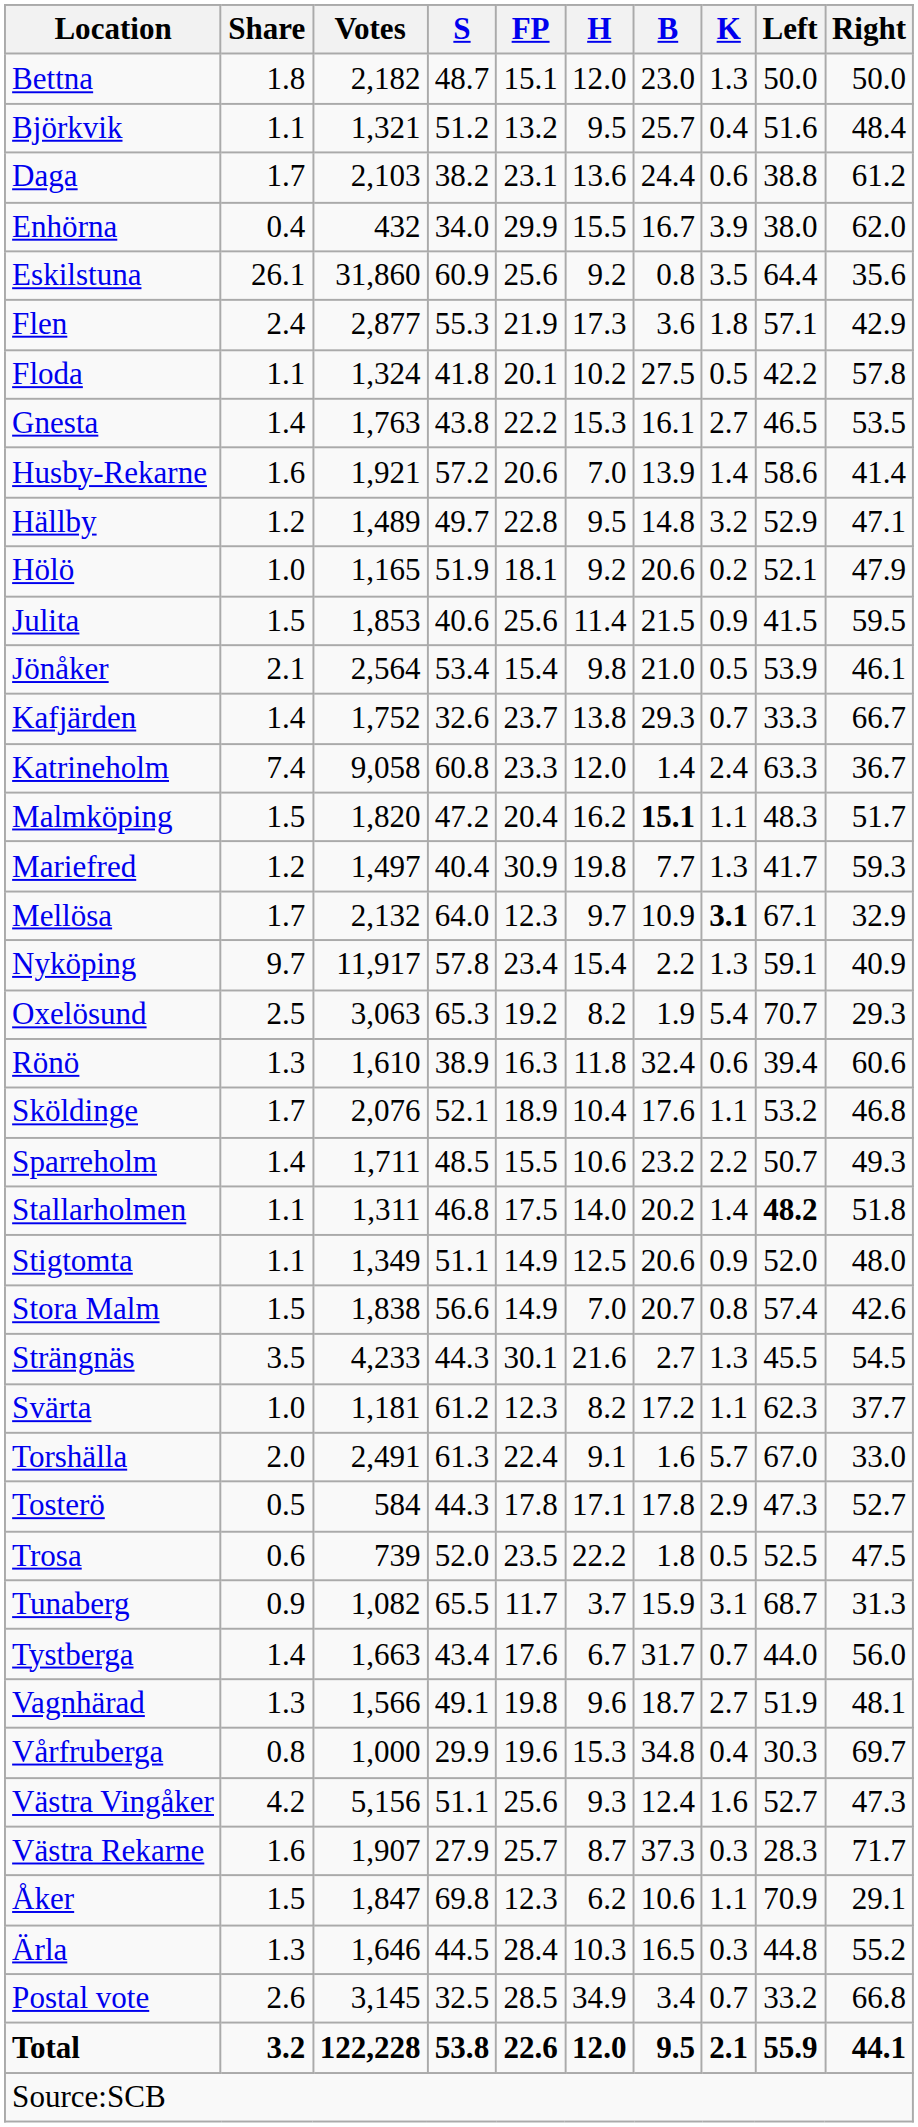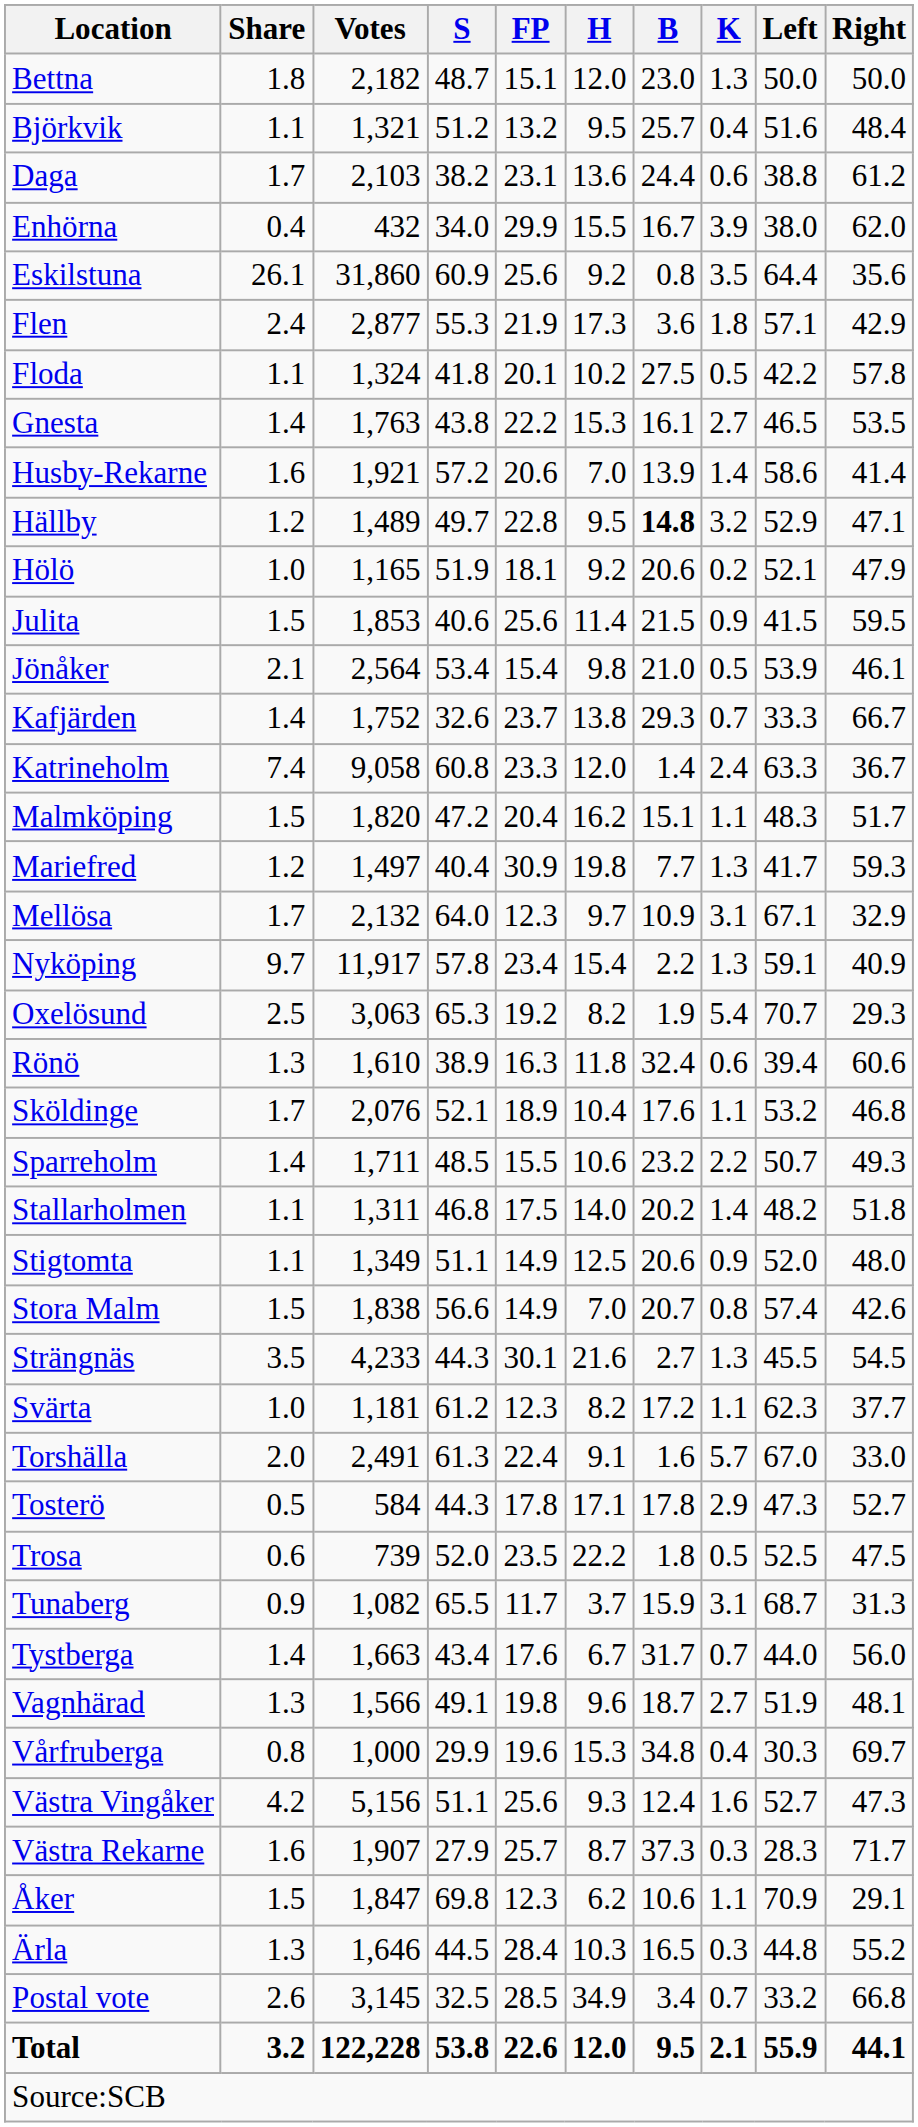 <table class="wikitable sortable" style=text-align:right>
 <tr>
 <th>Location</th>
 <th>Share</th>
 <th>Votes</th>
 <th><a href='#'>S</a></th>
 <th><a href='#'>FP</a></th>
 <th><a href='#'>H</a></th>
 <th><a href='#'>B</a></th>
 <th><a href='#'>K</a></th>
 <th>Left</th>
 <th>Right</th>
 </tr>
 <tr>
 <td align=left><a href='#'>Bettna</a></td>
 <td>1.8</td>
 <td>2,182</td>
 <td>48.7</td>
 <td>15.1</td>
 <td>12.0</td>
 <td>23.0</td>
 <td>1.3</td>
 <td>50.0</td>
 <td>50.0</td>
 </tr>
 <tr>
 <td align=left><a href='#'>Björkvik</a></td>
 <td>1.1</td>
 <td>1,321</td>
 <td>51.2</td>
 <td>13.2</td>
 <td>9.5</td>
 <td>25.7</td>
 <td>0.4</td>
 <td>51.6</td>
 <td>48.4</td>
 </tr>
 <tr>
 <td align=left><a href='#'>Daga</a></td>
 <td>1.7</td>
 <td>2,103</td>
 <td>38.2</td>
 <td>23.1</td>
 <td>13.6</td>
 <td>24.4</td>
 <td>0.6</td>
 <td>38.8</td>
 <td>61.2</td>
 </tr>
 <tr>
 <td align=left><a href='#'>Enhörna</a></td>
 <td>0.4</td>
 <td>432</td>
 <td>34.0</td>
 <td>29.9</td>
 <td>15.5</td>
 <td>16.7</td>
 <td>3.9</td>
 <td>38.0</td>
 <td>62.0</td>
 </tr>
 <tr>
 <td align=left><a href='#'>Eskilstuna</a></td>
 <td>26.1</td>
 <td>31,860</td>
 <td>60.9</td>
 <td>25.6</td>
 <td>9.2</td>
 <td>0.8</td>
 <td>3.5</td>
 <td>64.4</td>
 <td>35.6</td>
 </tr>
 <tr>
 <td align=left><a href='#'>Flen</a></td>
 <td>2.4</td>
 <td>2,877</td>
 <td>55.3</td>
 <td>21.9</td>
 <td>17.3</td>
 <td>3.6</td>
 <td>1.8</td>
 <td>57.1</td>
 <td>42.9</td>
 </tr>
 <tr>
 <td align=left><a href='#'>Floda</a></td>
 <td>1.1</td>
 <td>1,324</td>
 <td>41.8</td>
 <td>20.1</td>
 <td>10.2</td>
 <td>27.5</td>
 <td>0.5</td>
 <td>42.2</td>
 <td>57.8</td>
 </tr>
 <tr>
 <td align=left><a href='#'>Gnesta</a></td>
 <td>1.4</td>
 <td>1,763</td>
 <td>43.8</td>
 <td>22.2</td>
 <td>15.3</td>
 <td>16.1</td>
 <td>2.7</td>
 <td>46.5</td>
 <td>53.5</td>
 </tr>
 <tr>
 <td align=left><a href='#'>Husby-Rekarne</a></td>
 <td>1.6</td>
 <td>1,921</td>
 <td>57.2</td>
 <td>20.6</td>
 <td>7.0</td>
 <td>13.9</td>
 <td>1.4</td>
 <td>58.6</td>
 <td>41.4</td>
 </tr>
 <tr>
 <td align=left><a href='#'>Hällby</a></td>
 <td>1.2</td>
 <td>1,489</td>
 <td>49.7</td>
 <td>22.8</td>
 <td>9.5</td>
-<td>14.8</td>
+<td><strong>14.8</strong></td>
 <td>3.2</td>
 <td>52.9</td>
 <td>47.1</td>
 </tr>
 <tr>
 <td align=left><a href='#'>Hölö</a></td>
 <td>1.0</td>
 <td>1,165</td>
 <td>51.9</td>
 <td>18.1</td>
 <td>9.2</td>
 <td>20.6</td>
 <td>0.2</td>
 <td>52.1</td>
 <td>47.9</td>
 </tr>
 <tr>
 <td align=left><a href='#'>Julita</a></td>
 <td>1.5</td>
 <td>1,853</td>
 <td>40.6</td>
 <td>25.6</td>
 <td>11.4</td>
 <td>21.5</td>
 <td>0.9</td>
 <td>41.5</td>
 <td>59.5</td>
 </tr>
 <tr>
 <td align=left><a href='#'>Jönåker</a></td>
 <td>2.1</td>
 <td>2,564</td>
 <td>53.4</td>
 <td>15.4</td>
 <td>9.8</td>
 <td>21.0</td>
 <td>0.5</td>
 <td>53.9</td>
 <td>46.1</td>
 </tr>
 <tr>
 <td align=left><a href='#'>Kafjärden</a></td>
 <td>1.4</td>
 <td>1,752</td>
 <td>32.6</td>
 <td>23.7</td>
 <td>13.8</td>
 <td>29.3</td>
 <td>0.7</td>
 <td>33.3</td>
 <td>66.7</td>
 </tr>
 <tr>
 <td align=left><a href='#'>Katrineholm</a></td>
 <td>7.4</td>
 <td>9,058</td>
 <td>60.8</td>
 <td>23.3</td>
 <td>12.0</td>
 <td>1.4</td>
 <td>2.4</td>
 <td>63.3</td>
 <td>36.7</td>
 </tr>
 <tr>
 <td align=left><a href='#'>Malmköping</a></td>
 <td>1.5</td>
 <td>1,820</td>
 <td>47.2</td>
 <td>20.4</td>
 <td>16.2</td>
-<td><strong>15.1</strong></td>
+<td>15.1</td>
 <td>1.1</td>
 <td>48.3</td>
 <td>51.7</td>
 </tr>
 <tr>
 <td align=left><a href='#'>Mariefred</a></td>
 <td>1.2</td>
 <td>1,497</td>
 <td>40.4</td>
 <td>30.9</td>
 <td>19.8</td>
 <td>7.7</td>
 <td>1.3</td>
 <td>41.7</td>
 <td>59.3</td>
 </tr>
 <tr>
 <td align=left><a href='#'>Mellösa</a></td>
 <td>1.7</td>
 <td>2,132</td>
 <td>64.0</td>
 <td>12.3</td>
 <td>9.7</td>
 <td>10.9</td>
-<td><strong>3.1</strong></td>
+<td>3.1</td>
 <td>67.1</td>
 <td>32.9</td>
 </tr>
 <tr>
 <td align=left><a href='#'>Nyköping</a></td>
 <td>9.7</td>
 <td>11,917</td>
 <td>57.8</td>
 <td>23.4</td>
 <td>15.4</td>
 <td>2.2</td>
 <td>1.3</td>
 <td>59.1</td>
 <td>40.9</td>
 </tr>
 <tr>
 <td align=left><a href='#'>Oxelösund</a></td>
 <td>2.5</td>
 <td>3,063</td>
 <td>65.3</td>
 <td>19.2</td>
 <td>8.2</td>
 <td>1.9</td>
 <td>5.4</td>
 <td>70.7</td>
 <td>29.3</td>
 </tr>
 <tr>
 <td align=left><a href='#'>Rönö</a></td>
 <td>1.3</td>
 <td>1,610</td>
 <td>38.9</td>
 <td>16.3</td>
 <td>11.8</td>
 <td>32.4</td>
 <td>0.6</td>
 <td>39.4</td>
 <td>60.6</td>
 </tr>
 <tr>
 <td align=left><a href='#'>Sköldinge</a></td>
 <td>1.7</td>
 <td>2,076</td>
 <td>52.1</td>
 <td>18.9</td>
 <td>10.4</td>
 <td>17.6</td>
 <td>1.1</td>
 <td>53.2</td>
 <td>46.8</td>
 </tr>
 <tr>
 <td align=left><a href='#'>Sparreholm</a></td>
 <td>1.4</td>
 <td>1,711</td>
 <td>48.5</td>
 <td>15.5</td>
 <td>10.6</td>
 <td>23.2</td>
 <td>2.2</td>
 <td>50.7</td>
 <td>49.3</td>
 </tr>
 <tr>
 <td align=left><a href='#'>Stallarholmen</a></td>
 <td>1.1</td>
 <td>1,311</td>
 <td>46.8</td>
 <td>17.5</td>
 <td>14.0</td>
 <td>20.2</td>
 <td>1.4</td>
-<td><strong>48.2</strong></td>
+<td>48.2</td>
 <td>51.8</td>
 </tr>
 <tr>
 <td align=left><a href='#'>Stigtomta</a></td>
 <td>1.1</td>
 <td>1,349</td>
 <td>51.1</td>
 <td>14.9</td>
 <td>12.5</td>
 <td>20.6</td>
 <td>0.9</td>
 <td>52.0</td>
 <td>48.0</td>
 </tr>
 <tr>
 <td align=left><a href='#'>Stora Malm</a></td>
 <td>1.5</td>
 <td>1,838</td>
 <td>56.6</td>
 <td>14.9</td>
 <td>7.0</td>
 <td>20.7</td>
 <td>0.8</td>
 <td>57.4</td>
 <td>42.6</td>
 </tr>
 <tr>
 <td align=left><a href='#'>Strängnäs</a></td>
 <td>3.5</td>
 <td>4,233</td>
 <td>44.3</td>
 <td>30.1</td>
 <td>21.6</td>
 <td>2.7</td>
 <td>1.3</td>
 <td>45.5</td>
 <td>54.5</td>
 </tr>
 <tr>
 <td align=left><a href='#'>Svärta</a></td>
 <td>1.0</td>
 <td>1,181</td>
 <td>61.2</td>
 <td>12.3</td>
 <td>8.2</td>
 <td>17.2</td>
 <td>1.1</td>
 <td>62.3</td>
 <td>37.7</td>
 </tr>
 <tr>
 <td align=left><a href='#'>Torshälla</a></td>
 <td>2.0</td>
 <td>2,491</td>
 <td>61.3</td>
 <td>22.4</td>
 <td>9.1</td>
 <td>1.6</td>
 <td>5.7</td>
 <td>67.0</td>
 <td>33.0</td>
 </tr>
 <tr>
 <td align=left><a href='#'>Tosterö</a></td>
 <td>0.5</td>
 <td>584</td>
 <td>44.3</td>
 <td>17.8</td>
 <td>17.1</td>
 <td>17.8</td>
 <td>2.9</td>
 <td>47.3</td>
 <td>52.7</td>
 </tr>
 <tr>
 <td align=left><a href='#'>Trosa</a></td>
 <td>0.6</td>
 <td>739</td>
 <td>52.0</td>
 <td>23.5</td>
 <td>22.2</td>
 <td>1.8</td>
 <td>0.5</td>
 <td>52.5</td>
 <td>47.5</td>
 </tr>
 <tr>
 <td align=left><a href='#'>Tunaberg</a></td>
 <td>0.9</td>
 <td>1,082</td>
 <td>65.5</td>
 <td>11.7</td>
 <td>3.7</td>
 <td>15.9</td>
 <td>3.1</td>
 <td>68.7</td>
 <td>31.3</td>
 </tr>
 <tr>
 <td align=left><a href='#'>Tystberga</a></td>
 <td>1.4</td>
 <td>1,663</td>
 <td>43.4</td>
 <td>17.6</td>
 <td>6.7</td>
 <td>31.7</td>
 <td>0.7</td>
 <td>44.0</td>
 <td>56.0</td>
 </tr>
 <tr>
 <td align=left><a href='#'>Vagnhärad</a></td>
 <td>1.3</td>
 <td>1,566</td>
 <td>49.1</td>
 <td>19.8</td>
 <td>9.6</td>
 <td>18.7</td>
 <td>2.7</td>
 <td>51.9</td>
 <td>48.1</td>
 </tr>
 <tr>
 <td align=left><a href='#'>Vårfruberga</a></td>
 <td>0.8</td>
 <td>1,000</td>
 <td>29.9</td>
 <td>19.6</td>
 <td>15.3</td>
 <td>34.8</td>
 <td>0.4</td>
 <td>30.3</td>
 <td>69.7</td>
 </tr>
 <tr>
 <td align=left><a href='#'>Västra Vingåker</a></td>
 <td>4.2</td>
 <td>5,156</td>
 <td>51.1</td>
 <td>25.6</td>
 <td>9.3</td>
 <td>12.4</td>
 <td>1.6</td>
 <td>52.7</td>
 <td>47.3</td>
 </tr>
 <tr>
 <td align=left><a href='#'>Västra Rekarne</a></td>
 <td>1.6</td>
 <td>1,907</td>
 <td>27.9</td>
 <td>25.7</td>
 <td>8.7</td>
 <td>37.3</td>
 <td>0.3</td>
 <td>28.3</td>
 <td>71.7</td>
 </tr>
 <tr>
 <td align=left><a href='#'>Åker</a></td>
 <td>1.5</td>
 <td>1,847</td>
 <td>69.8</td>
 <td>12.3</td>
 <td>6.2</td>
 <td>10.6</td>
 <td>1.1</td>
 <td>70.9</td>
 <td>29.1</td>
 </tr>
 <tr>
 <td align=left><a href='#'>Ärla</a></td>
 <td>1.3</td>
 <td>1,646</td>
 <td>44.5</td>
 <td>28.4</td>
 <td>10.3</td>
 <td>16.5</td>
 <td>0.3</td>
 <td>44.8</td>
 <td>55.2</td>
 </tr>
 <tr>
 <td align=left><a href='#'>Postal vote</a></td>
 <td>2.6</td>
 <td>3,145</td>
 <td>32.5</td>
 <td>28.5</td>
 <td>34.9</td>
 <td>3.4</td>
 <td>0.7</td>
 <td>33.2</td>
 <td>66.8</td>
 </tr>
 <tr>
 <td align=left><strong>Total</strong></td>
 <td><strong>3.2</strong></td>
 <td><strong>122,228</strong></td>
 <td><strong>53.8</strong></td>
 <td><strong>22.6</strong></td>
 <td><strong>12.0</strong></td>
 <td><strong>9.5</strong></td>
 <td><strong>2.1</strong></td>
 <td><strong>55.9</strong></td>
 <td><strong>44.1</strong></td>
 </tr>
 <tr>
 <td align=left colspan=10>Source:SCB </td>
 </tr>
 </table>
